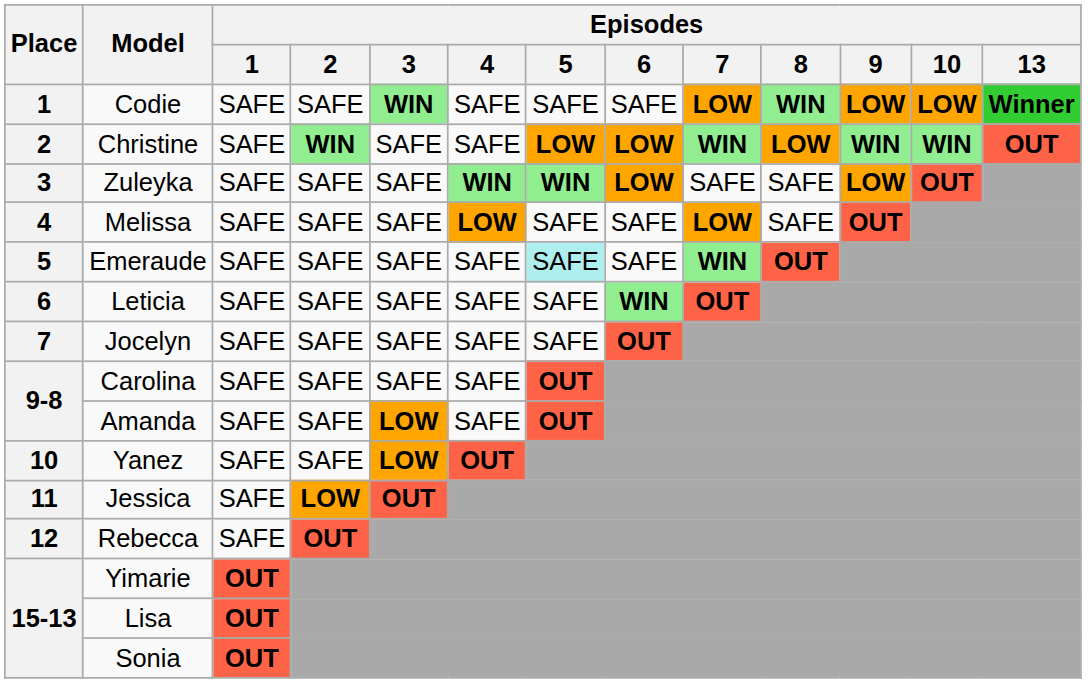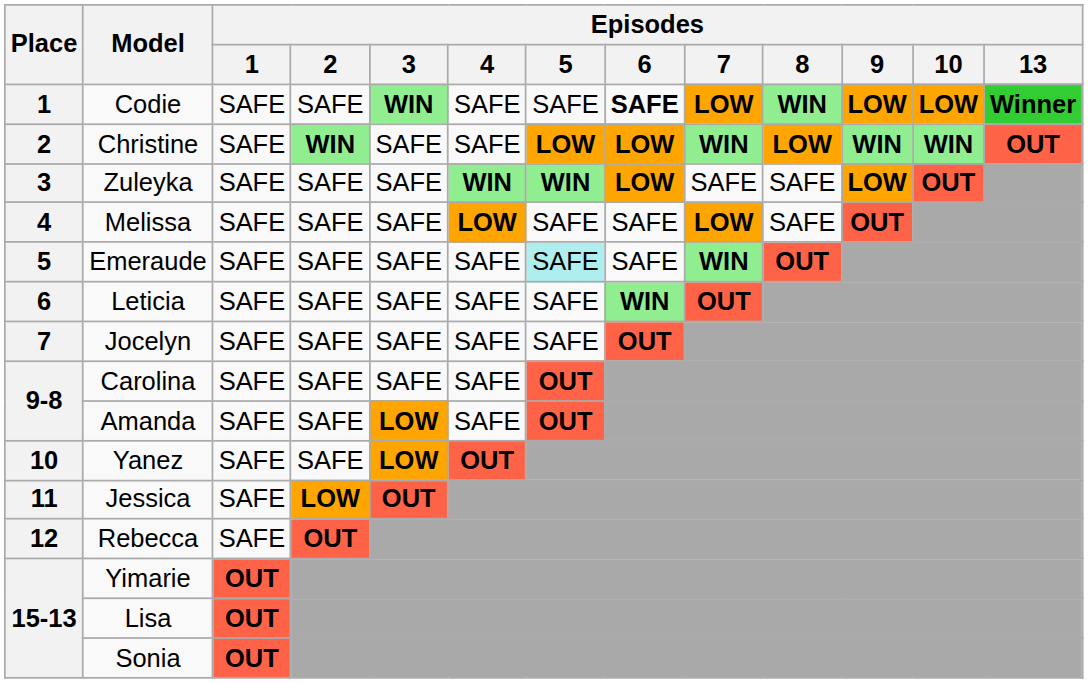 <table class="wikitable" style="text-align:center; font-size:92%">
 <tr>
 <th rowspan="2">Place</th>
 <th rowspan="2">Model</th>
 <th colspan="11">Episodes</th>
 </tr>
 <tr>
 <th>1</th>
 <th>2</th>
 <th>3</th>
 <th>4</th>
 <th>5</th>
 <th>6</th>
 <th>7</th>
 <th>8</th>
 <th>9</th>
 <th>10</th>
 <th>13</th>
 </tr>
 <tr>
 <th>1</th>
 <td>Codie</td>
 <td>SAFE</td>
 <td>SAFE</td>
 <td style="background:lightgreen;"><strong>WIN</strong></td>
 <td>SAFE</td>
 <td>SAFE</td>
-<td>SAFE</td>
+<td><strong>SAFE</strong></td>
 <td style="background:orange;"><strong>LOW</strong></td>
 <td style="background:lightgreen;"><strong>WIN</strong></td>
 <td style="background:orange;"><strong>LOW</strong></td>
 <td style="background:orange;"><strong>LOW</strong></td>
 <td style="background:limegreen;"><strong>Winner</strong></td>
 </tr>
 <tr>
 <th>2</th>
 <td>Christine</td>
 <td>SAFE</td>
 <td style="background:lightgreen;"><strong>WIN</strong></td>
 <td>SAFE</td>
 <td>SAFE</td>
 <td style="background:orange;"><strong>LOW</strong></td>
 <td style="background:orange;"><strong>LOW</strong></td>
 <td style="background:lightgreen;"><strong>WIN</strong></td>
 <td style="background:orange;"><strong>LOW</strong></td>
 <td style="background:lightgreen;"><strong>WIN</strong></td>
 <td style="background:lightgreen;"><strong>WIN</strong></td>
 <td style="background:tomato;"><strong>OUT</strong></td>
 </tr>
 <tr>
 <th>3</th>
 <td>Zuleyka</td>
 <td>SAFE</td>
 <td>SAFE</td>
 <td>SAFE</td>
 <td style="background:lightgreen;"><strong>WIN</strong></td>
 <td style="background:lightgreen;"><strong>WIN</strong></td>
 <td style="background:orange;"><strong>LOW</strong></td>
 <td>SAFE</td>
 <td>SAFE</td>
 <td style="background:orange;"><strong>LOW</strong></td>
 <td style="background:tomato;"><strong>OUT</strong></td>
 <td style="background:darkgrey;" colspan="12"></td>
 </tr>
 <tr>
 <th>4</th>
 <td>Melissa</td>
 <td>SAFE</td>
 <td>SAFE</td>
 <td>SAFE</td>
 <td style="background:orange;"><strong>LOW</strong></td>
 <td>SAFE</td>
 <td>SAFE</td>
 <td style="background:orange;"><strong>LOW</strong></td>
 <td>SAFE</td>
 <td style="background:tomato;"><strong>OUT</strong></td>
 <td style="background:darkgrey;" colspan="12"></td>
 </tr>
 <tr>
 <th>5</th>
 <td>Emeraude</td>
 <td>SAFE</td>
 <td>SAFE</td>
 <td>SAFE</td>
 <td>SAFE</td>
 <td style="background: paleturquoise;">SAFE</td>
 <td>SAFE</td>
 <td style="background:lightgreen;"><strong>WIN</strong></td>
 <td style="background:tomato;"><strong>OUT</strong></td>
 <td style="background:darkgrey;" colspan="12"></td>
 </tr>
 <tr>
 <th>6</th>
 <td>Leticia</td>
 <td>SAFE</td>
 <td>SAFE</td>
 <td>SAFE</td>
 <td>SAFE</td>
 <td>SAFE</td>
 <td style="background:lightgreen;"><strong>WIN</strong></td>
 <td style="background:tomato;"><strong>OUT</strong></td>
 <td style="background:darkgrey;" colspan="12"></td>
 </tr>
 <tr>
 <th>7</th>
 <td>Jocelyn</td>
 <td>SAFE</td>
 <td>SAFE</td>
 <td>SAFE</td>
 <td>SAFE</td>
 <td>SAFE</td>
 <td style="background:tomato;"><strong>OUT</strong></td>
 <td style="background:darkgrey;" colspan="12"></td>
 </tr>
 <tr>
 <th rowspan="2">9-8</th>
 <td>Carolina</td>
 <td>SAFE</td>
 <td>SAFE</td>
 <td>SAFE</td>
 <td>SAFE</td>
 <td style="background:tomato;"><strong>OUT</strong></td>
 <td style="background:darkgrey;" colspan="12"></td>
 </tr>
 <tr>
 <td>Amanda</td>
 <td>SAFE</td>
 <td>SAFE</td>
 <td style="background:orange;"><strong>LOW</strong></td>
 <td>SAFE</td>
 <td style="background:tomato;"><strong>OUT</strong></td>
 <td style="background:darkgrey;" colspan="12"></td>
 </tr>
 <tr>
 <th>10</th>
 <td>Yanez</td>
 <td>SAFE</td>
 <td>SAFE</td>
 <td style="background:orange;"><strong>LOW</strong></td>
 <td style="background:tomato;"><strong>OUT</strong></td>
 <td style="background:darkgrey;" colspan="12"></td>
 </tr>
 <tr>
 <th>11</th>
 <td>Jessica</td>
 <td>SAFE</td>
 <td style="background:orange;"><strong>LOW</strong></td>
 <td style="background:tomato;"><strong>OUT</strong></td>
 <td style="background:darkgrey;" colspan="12"></td>
 </tr>
 <tr>
 <th>12</th>
 <td>Rebecca</td>
 <td>SAFE</td>
 <td style="background:tomato;"><strong>OUT</strong></td>
 <td style="background:darkgrey;" colspan="12"></td>
 </tr>
 <tr>
 <th rowspan="3">15-13</th>
 <td>Yimarie</td>
 <td style="background:tomato;"><strong>OUT</strong></td>
 <td style="background:darkgrey;" colspan="12"></td>
 </tr>
 <tr>
 <td>Lisa</td>
 <td style="background:tomato;"><strong>OUT</strong></td>
 <td style="background:darkgrey;" colspan="12"></td>
 </tr>
 <tr>
 <td>Sonia</td>
 <td style="background:tomato;"><strong>OUT</strong></td>
 <td style="background:darkgrey;" colspan="12"></td>
 </tr>
 </table>
